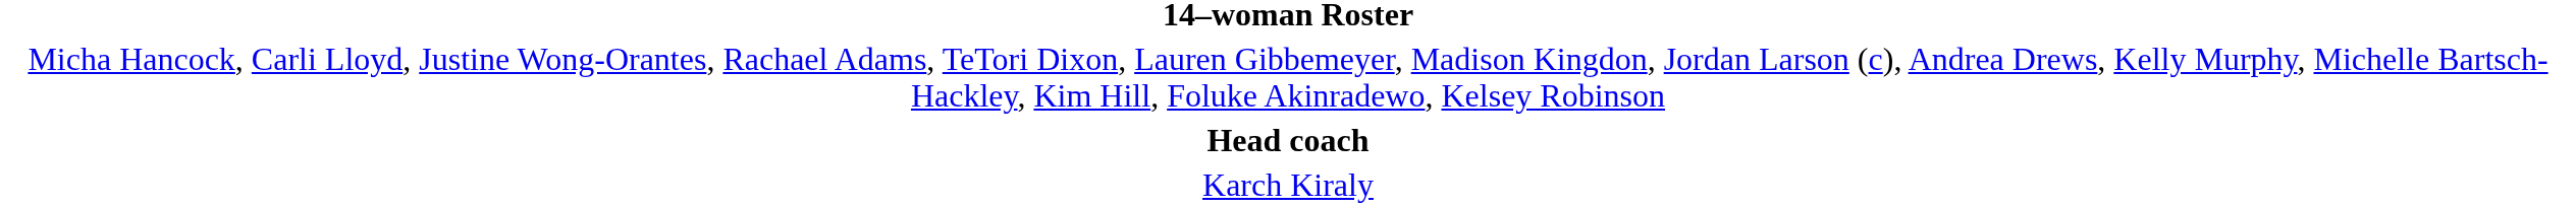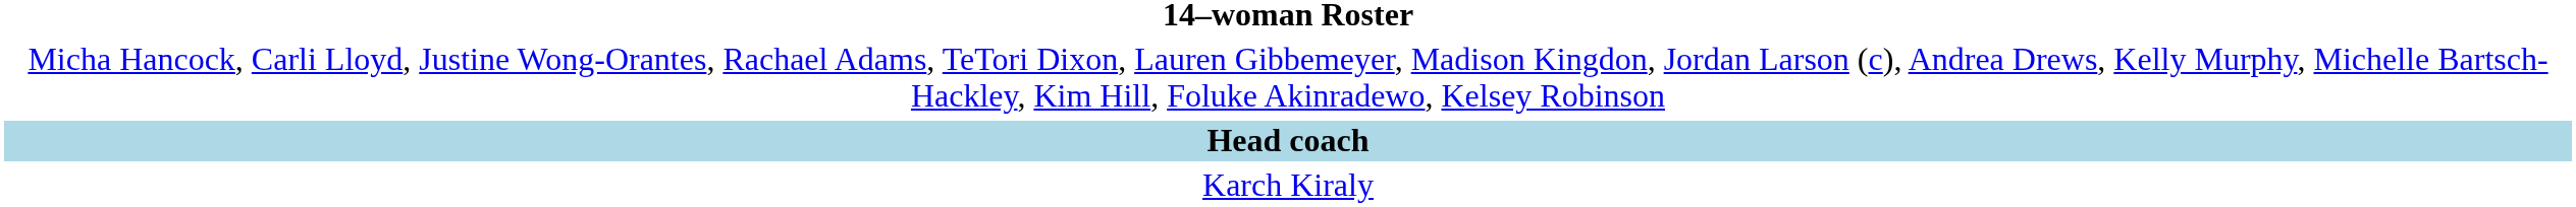 <table style="text-align:center; margin-top:2em; margin-left:auto; margin-right:auto">
 <tr>
 <td><strong>14–woman Roster</strong></td>
 </tr>
 <tr>
 <td><a href='#'>Micha Hancock</a>, <a href='#'>Carli Lloyd</a>, <a href='#'>Justine Wong-Orantes</a>, <a href='#'>Rachael Adams</a>, <a href='#'>TeTori Dixon</a>, <a href='#'>Lauren Gibbemeyer</a>, <a href='#'>Madison Kingdon</a>, <a href='#'>Jordan Larson</a> (<a href='#'>c</a>), <a href='#'>Andrea Drews</a>, <a href='#'>Kelly Murphy</a>, <a href='#'>Michelle Bartsch-Hackley</a>, <a href='#'>Kim Hill</a>, <a href='#'>Foluke Akinradewo</a>, <a href='#'>Kelsey Robinson</a></td>
 </tr>
 <tr>
-<td><strong>Head coach</strong></td>
+<td style="background: lightblue;"><strong>Head coach</strong></td>
 </tr>
 <tr>
 <td><a href='#'>Karch Kiraly</a></td>
 </tr>
 </table>
